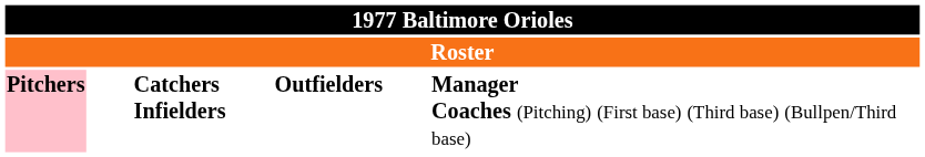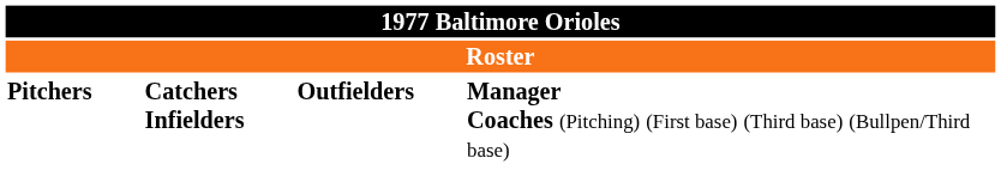 <table class="toccolours" style="font-size: 95%;">
 <tr>
 <th colspan="10" style="background-color: black; color: white; text-align: center;">1977 Baltimore Orioles</th>
 </tr>
 <tr>
 <td colspan="10" style="background-color: #F87217; color: white; text-align: center;"><strong>Roster</strong></td>
 </tr>
 <tr>
-<td valign="top" style="background: pink;"><strong>Pitchers</strong><br>               </td>
+<td valign="top"><strong>Pitchers</strong><br>               </td>
 <td width="25px"></td>
 <td valign="top"><strong>Catchers</strong><br>    <strong>Infielders</strong>          </td>
 <td width="25px"></td>
 <td valign="top"><strong>Outfielders</strong><br>       </td>
 <td width="25px"></td>
 <td valign="top"><strong>Manager</strong><br> <strong>Coaches</strong>  <small>(Pitching)</small>  <small>(First base)</small>  <small>(Third base)</small>  <small>(Bullpen/Third base)</small></td>
 </tr>
 <tr>
 </tr>
 </table>
